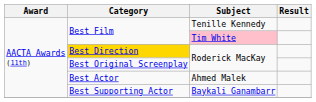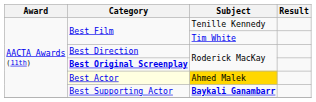 <table class=wikitable>
 <tr>
 <th>Award</th>
 <th>Category</th>
 <th>Subject</th>
 <th>Result</th>
 </tr>
 <tr>
 <td rowspan=6><a href='#'>AACTA Awards</a><br><small>(<a href='#'>11th</a>)</small></td>
 <td rowspan=2><a href='#'>Best Film</a></td>
 <td>Tenille Kennedy</td>
 <td></td>
 </tr>
 <tr>
-<td style="background: pink;"><a href='#'>Tim White</a></td>
+<td><a href='#'>Tim White</a></td>
 <td></td>
 </tr>
 <tr>
-<td style="background: gold;"><a href='#'>Best Direction</a></td>
+<td><a href='#'>Best Direction</a></td>
 <td rowspan=2>Roderick MacKay</td>
 <td></td>
 </tr>
 <tr>
-<td><a href='#'>Best Original Screenplay</a></td>
+<td><strong><a href='#'>Best Original Screenplay</a></strong></td>
 <td></td>
 </tr>
 <tr>
-<td><a href='#'>Best Actor</a></td>
-<td>Ahmed Malek</td>
+<td style="background: lightyellow;"><a href='#'>Best Actor</a></td>
+<td style="background: gold;">Ahmed Malek</td>
 <td></td>
 </tr>
 <tr>
 <td><a href='#'>Best Supporting Actor</a></td>
-<td><a href='#'>Baykali Ganambarr</a></td>
+<td><strong><a href='#'>Baykali Ganambarr</a></strong></td>
 <td></td>
 </tr>
 <tr>
 </tr>
 </table>
